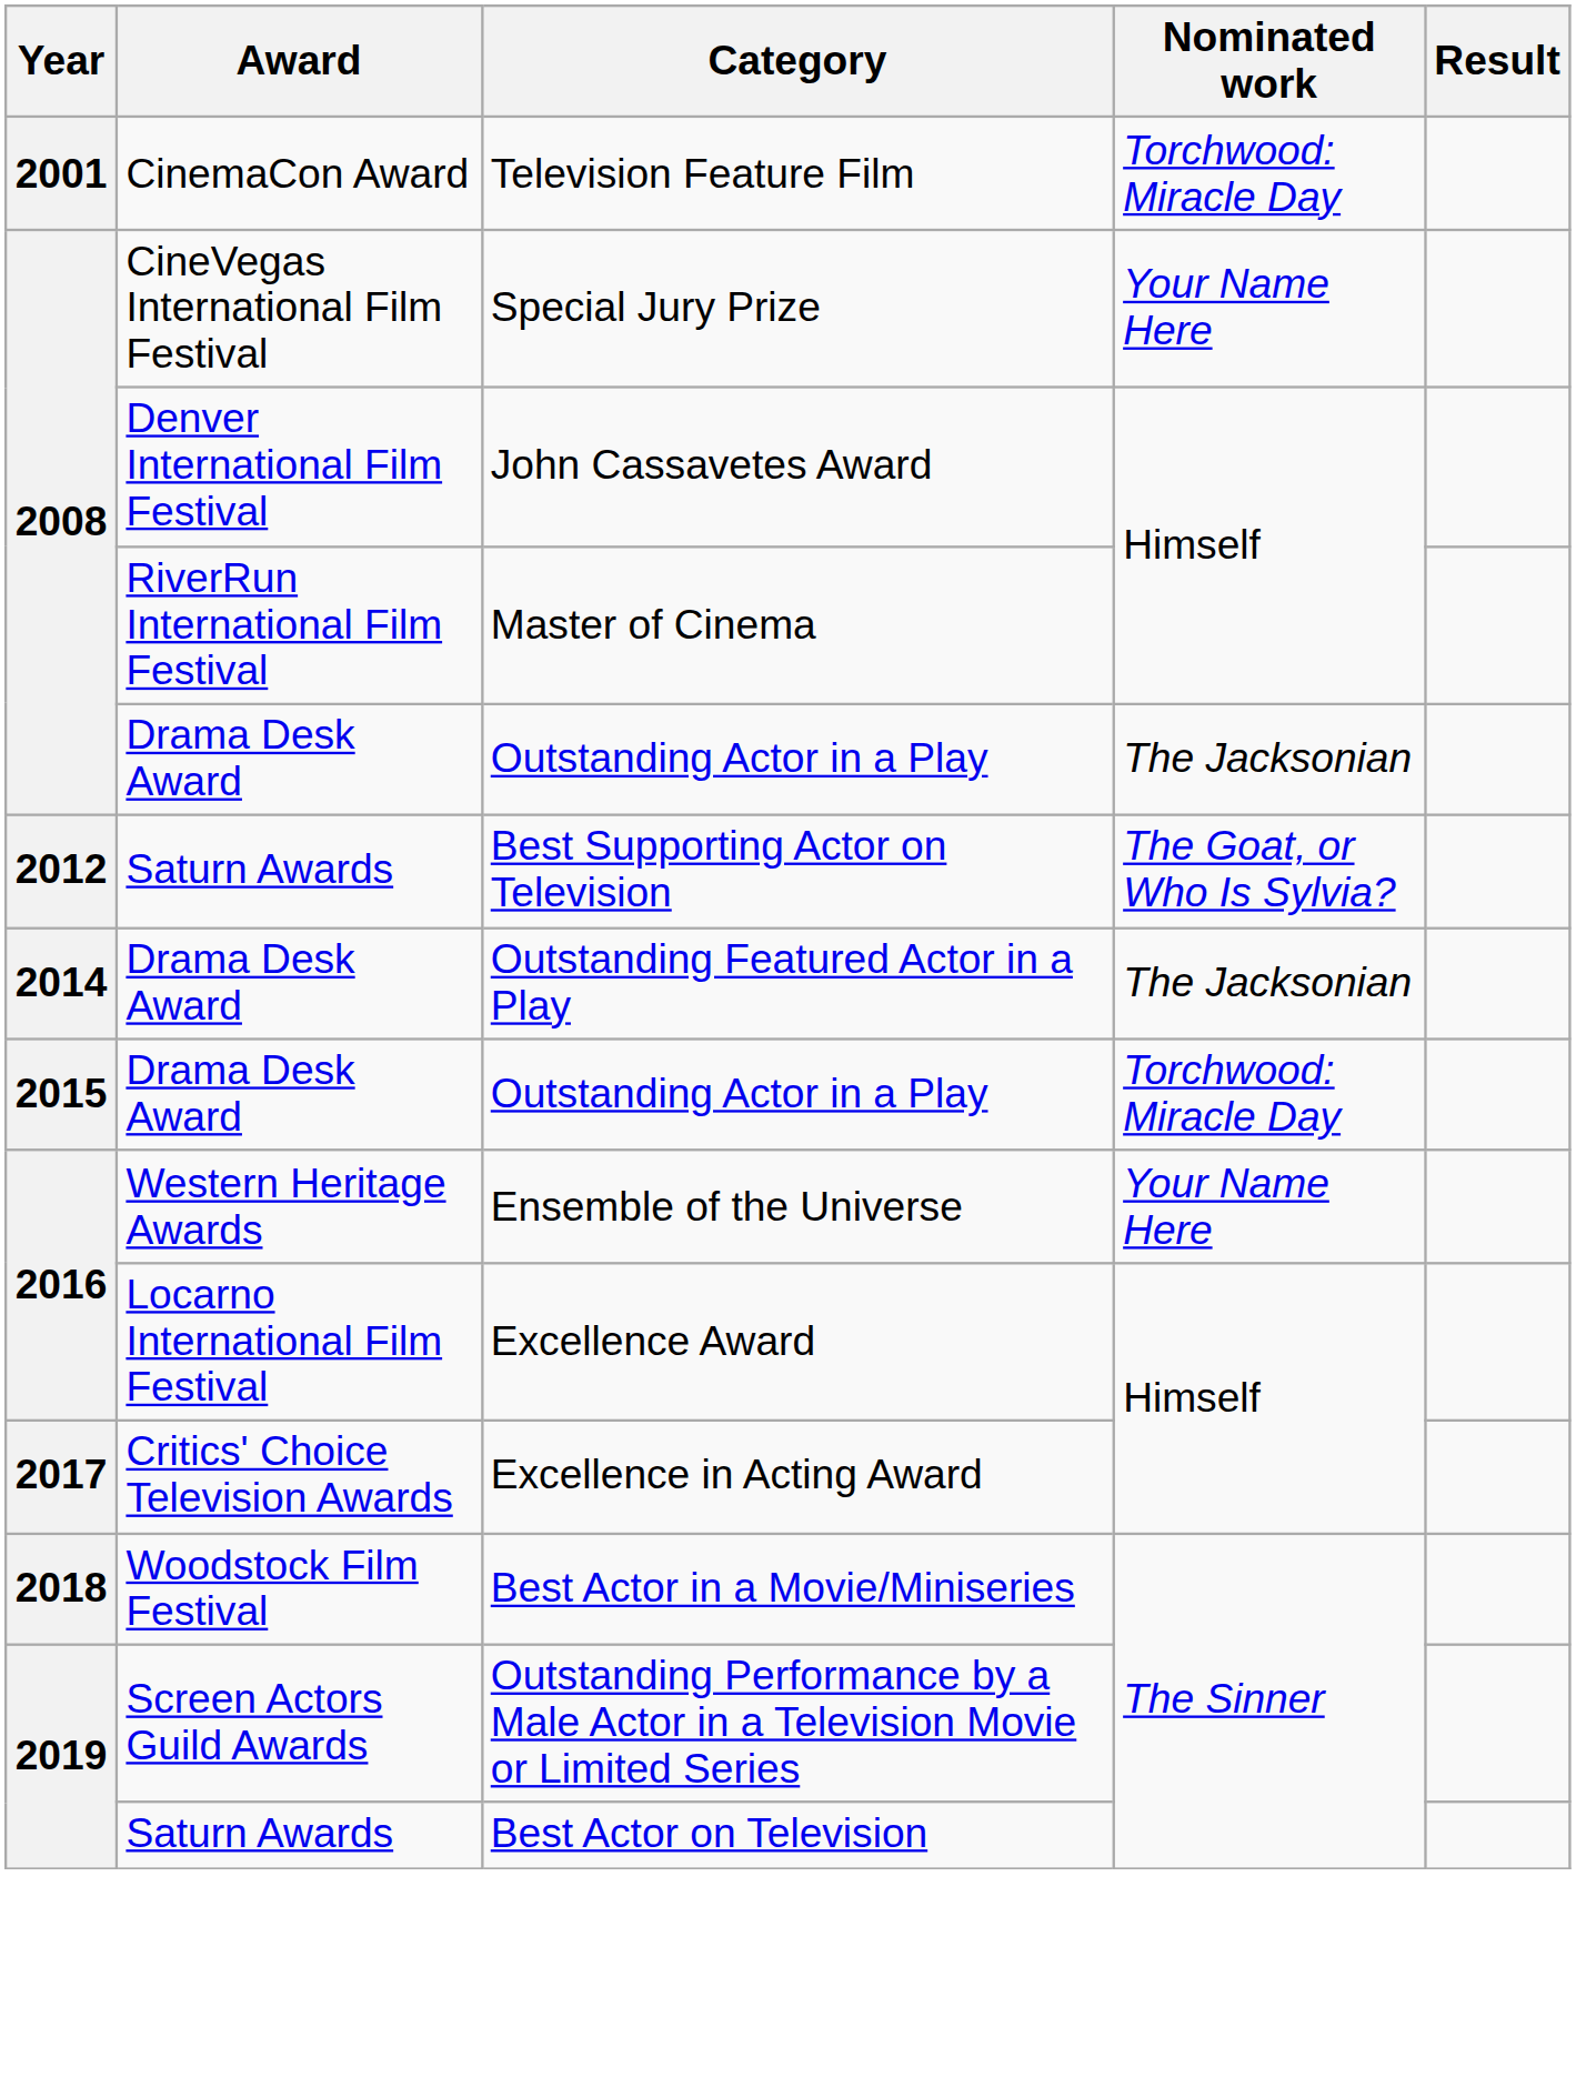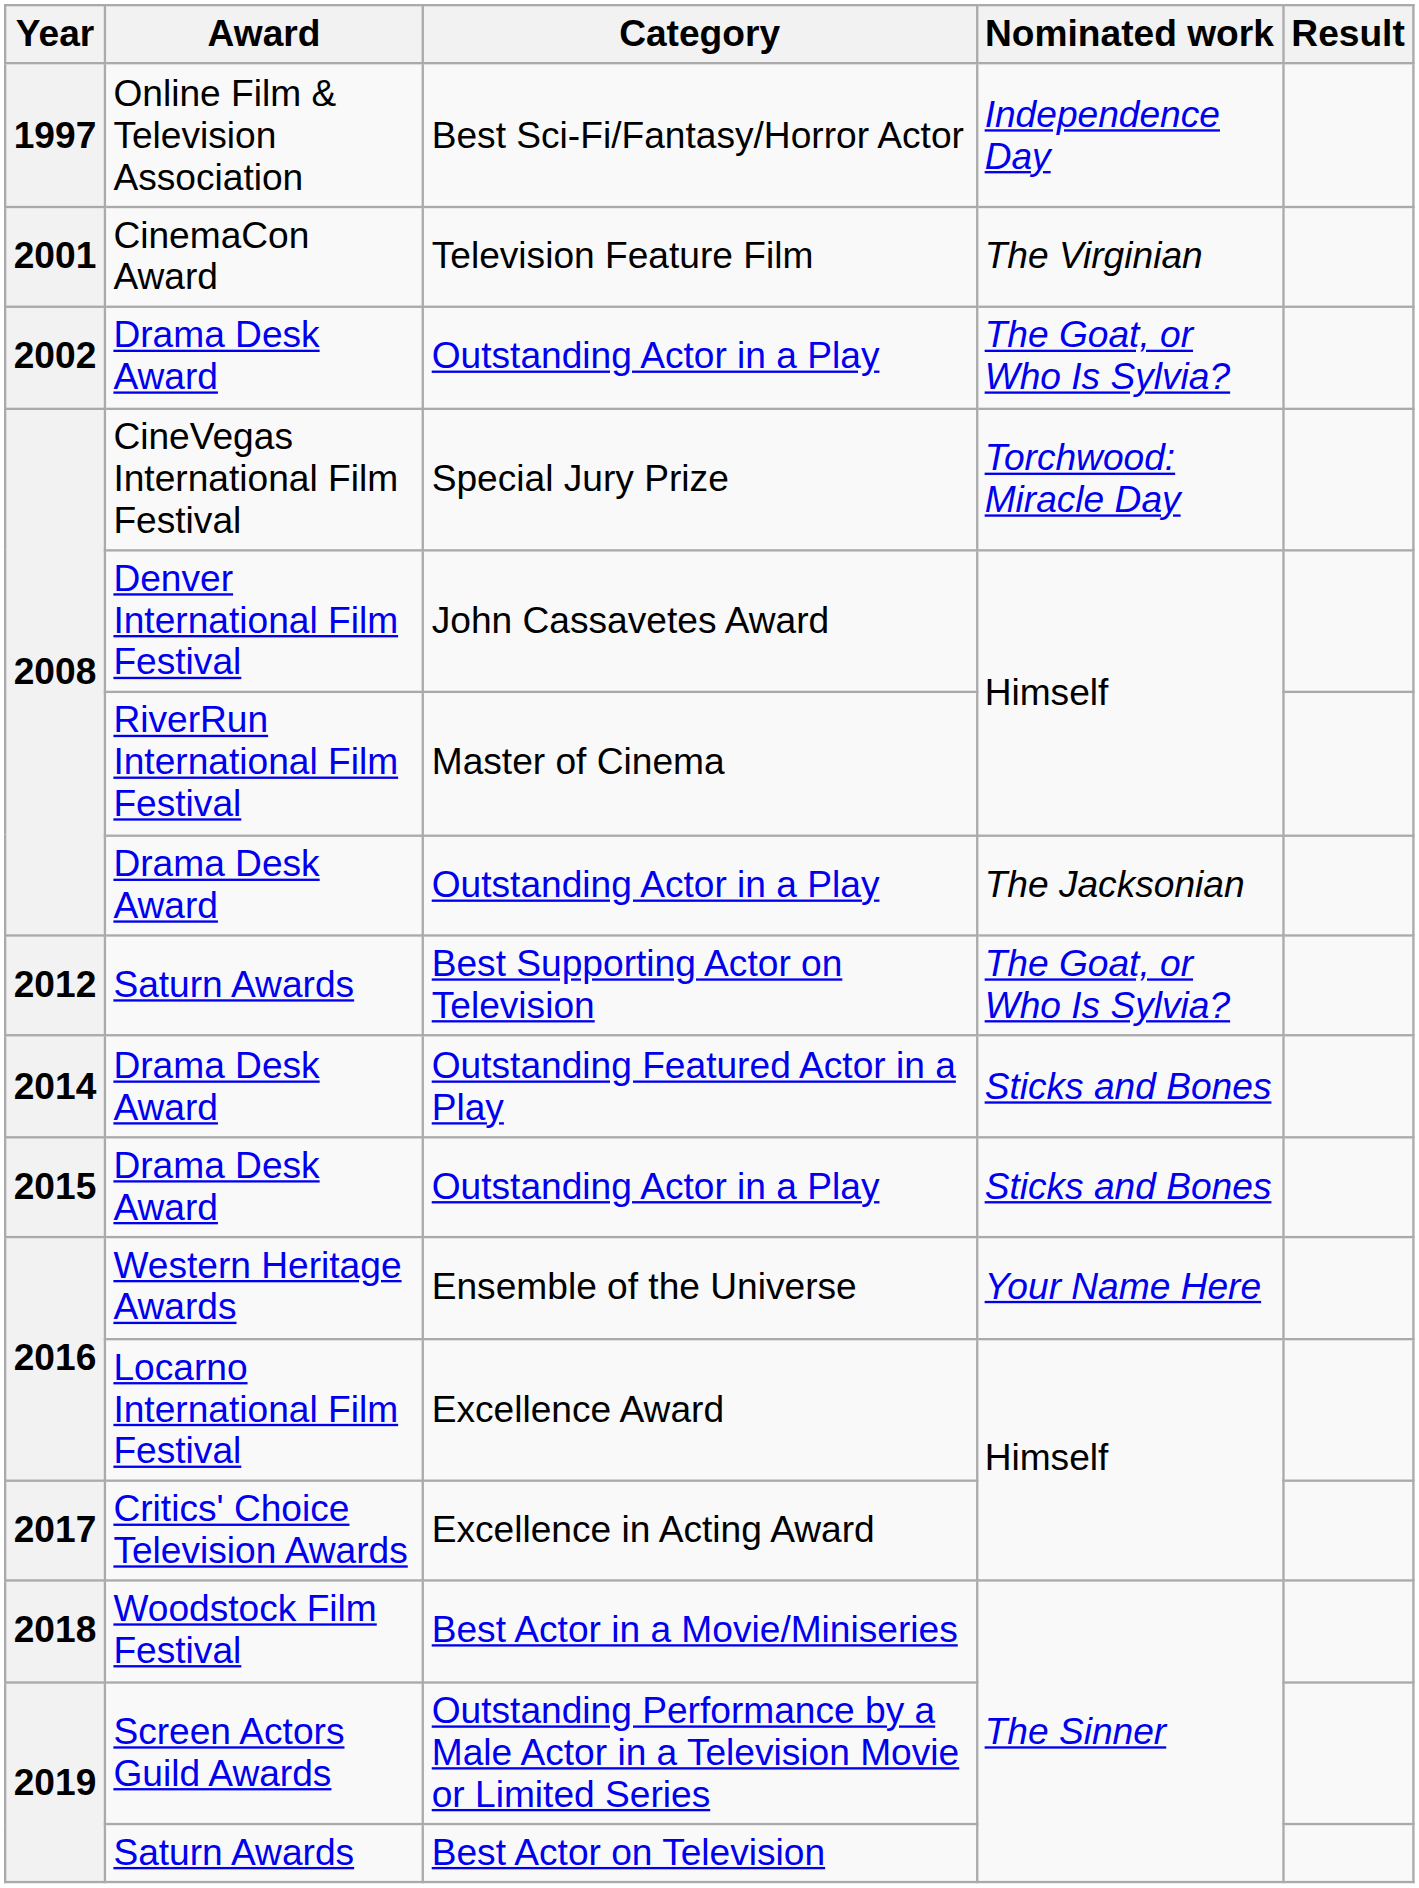 <table class="wikitable">
 <tr>
 <th scope="col">Year</th>
 <th scope="col">Award</th>
 <th scope="col">Category</th>
 <th scope="col">Nominated work</th>
 <th scope="col">Result</th>
 </tr>
 <tr>
+<th scope="row" style="text-align:center;">1997</th>
+<td>Online Film & Television Association</td>
+<td>Best Sci-Fi/Fantasy/Horror Actor</td>
+<td><em><a href='#'>Independence Day</a></em></td>
+<td></td>
+</tr>
+<tr>
 <th scope="row" style="text-align:center;">2001</th>
 <td>CinemaCon Award</td>
 <td>Television Feature Film</td>
-<td><em><a href='#'>Torchwood: Miracle Day</a></em></td>
+<td><em>The Virginian</em></td>
+<td></td>
+</tr>
+<tr>
+<th scope="row" style="text-align:center;">2002</th>
+<td><a href='#'>Drama Desk Award</a></td>
+<td><a href='#'>Outstanding Actor in a Play</a></td>
+<td><em><a href='#'>The Goat, or Who Is Sylvia?</a></em></td>
 <td></td>
 </tr>
 <tr>
 <th scope="row" style="text-align:center;" rowspan=4>2008</th>
 <td>CineVegas International Film Festival</td>
 <td>Special Jury Prize</td>
-<td><em><a href='#'>Your Name Here</a></em></td>
+<td><em><a href='#'>Torchwood: Miracle Day</a></em></td>
 <td></td>
 </tr>
 <tr>
 <td><a href='#'>Denver International Film Festival</a></td>
 <td>John Cassavetes Award</td>
 <td rowspan=2>Himself</td>
 <td></td>
 </tr>
 <tr>
 <td><a href='#'>RiverRun International Film Festival</a></td>
 <td>Master of Cinema</td>
 <td></td>
 </tr>
 <tr>
 <td><a href='#'>Drama Desk Award</a></td>
 <td><a href='#'>Outstanding Actor in a Play</a></td>
 <td><em>The Jacksonian</em></td>
 <td></td>
 </tr>
 <tr>
 <th scope="row" style="text-align:center;">2012</th>
 <td><a href='#'>Saturn Awards</a></td>
 <td><a href='#'>Best Supporting Actor on Television</a></td>
 <td><em><a href='#'>The Goat, or Who Is Sylvia?</a></em></td>
 <td></td>
 </tr>
 <tr>
 <th scope="row" style="text-align:center;">2014</th>
 <td><a href='#'>Drama Desk Award</a></td>
 <td><a href='#'>Outstanding Featured Actor in a Play</a></td>
-<td><em>The Jacksonian</em></td>
+<td><em><a href='#'>Sticks and Bones</a></em></td>
 <td></td>
 </tr>
 <tr>
 <th scope="row" style="text-align:center;">2015</th>
 <td><a href='#'>Drama Desk Award</a></td>
 <td><a href='#'>Outstanding Actor in a Play</a></td>
-<td><em><a href='#'>Torchwood: Miracle Day</a></em></td>
+<td><em><a href='#'>Sticks and Bones</a></em></td>
 <td></td>
 </tr>
 <tr>
 <th scope="row" style="text-align:center;" rowspan=2>2016</th>
 <td><a href='#'>Western Heritage Awards</a></td>
 <td>Ensemble of the Universe</td>
 <td><em><a href='#'>Your Name Here</a></em></td>
 <td></td>
 </tr>
 <tr>
 <td><a href='#'>Locarno International Film Festival</a></td>
 <td>Excellence Award</td>
 <td rowspan=2>Himself</td>
 <td></td>
 </tr>
 <tr>
 <th scope="row" style="text-align:center;">2017</th>
 <td><a href='#'>Critics' Choice Television Awards</a></td>
 <td>Excellence in Acting Award</td>
 <td></td>
 </tr>
 <tr>
 <th scope="row" style="text-align:center;">2018</th>
 <td><a href='#'>Woodstock Film Festival</a></td>
 <td><a href='#'>Best Actor in a Movie/Miniseries</a></td>
 <td rowspan=3><em><a href='#'>The Sinner</a></em></td>
 <td></td>
 </tr>
 <tr>
 <th scope="row" style="text-align:center;" rowspan=2>2019</th>
 <td><a href='#'>Screen Actors Guild Awards</a></td>
 <td><a href='#'>Outstanding Performance by a Male Actor in a Television Movie or Limited Series</a></td>
 <td></td>
 </tr>
 <tr>
 <td><a href='#'>Saturn Awards</a></td>
 <td><a href='#'>Best Actor on Television</a></td>
 <td></td>
 </tr>
 </table>
